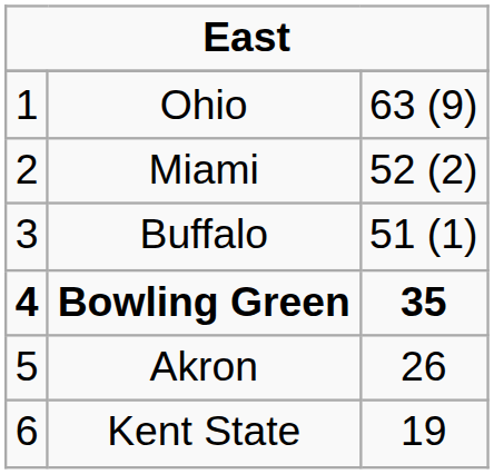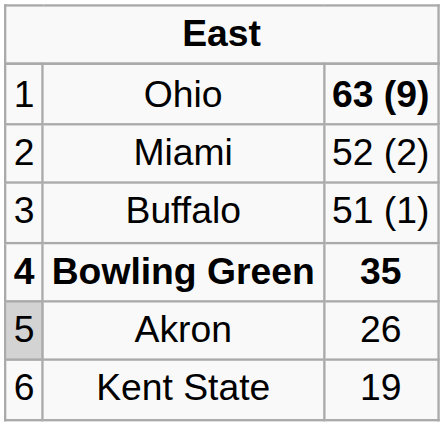 <table class="wikitable" style="display: inline-table;">
 <tr align="center">
 <td align="center" Colspan="3"><strong>East</strong></td>
 </tr>
 <tr align="center">
 </tr>
 <tr align="center">
 <td>1</td>
 <td>Ohio</td>
-<td>63 (9)</td>
+<td><strong>63 (9)</strong></td>
 </tr>
 <tr align="center">
 <td>2</td>
 <td>Miami</td>
 <td>52 (2)</td>
 </tr>
 <tr align="center">
 <td>3</td>
 <td>Buffalo</td>
 <td>51 (1)</td>
 </tr>
 <tr align="center">
 <td><strong>4</strong></td>
 <td><strong>Bowling Green</strong></td>
 <td><strong>35</strong></td>
 </tr>
 <tr align="center">
-<td>5</td>
+<td style="background: lightgrey;">5</td>
 <td>Akron</td>
 <td>26</td>
 </tr>
 <tr align="center">
 <td>6</td>
 <td>Kent State</td>
 <td>19</td>
 </tr>
 </table>
